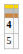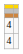 <table class="wikitable">
 <tr style="background:gold;">
 <td align=center></td>
 <td></td>
 </tr>
 <tr style="background:silver;">
 <td align=center></td>
 <td></td>
 </tr>
 <tr style="background:peru;">
 <td align=center></td>
 <td></td>
 </tr>
 <tr>
-<td align=center><strong>4</strong></td>
+<td align=center>4</td>
 <td></td>
 </tr>
 <tr>
-<td align=center>5</td>
+<td align=center>4</td>
 <td></td>
 </tr>
 </table>
